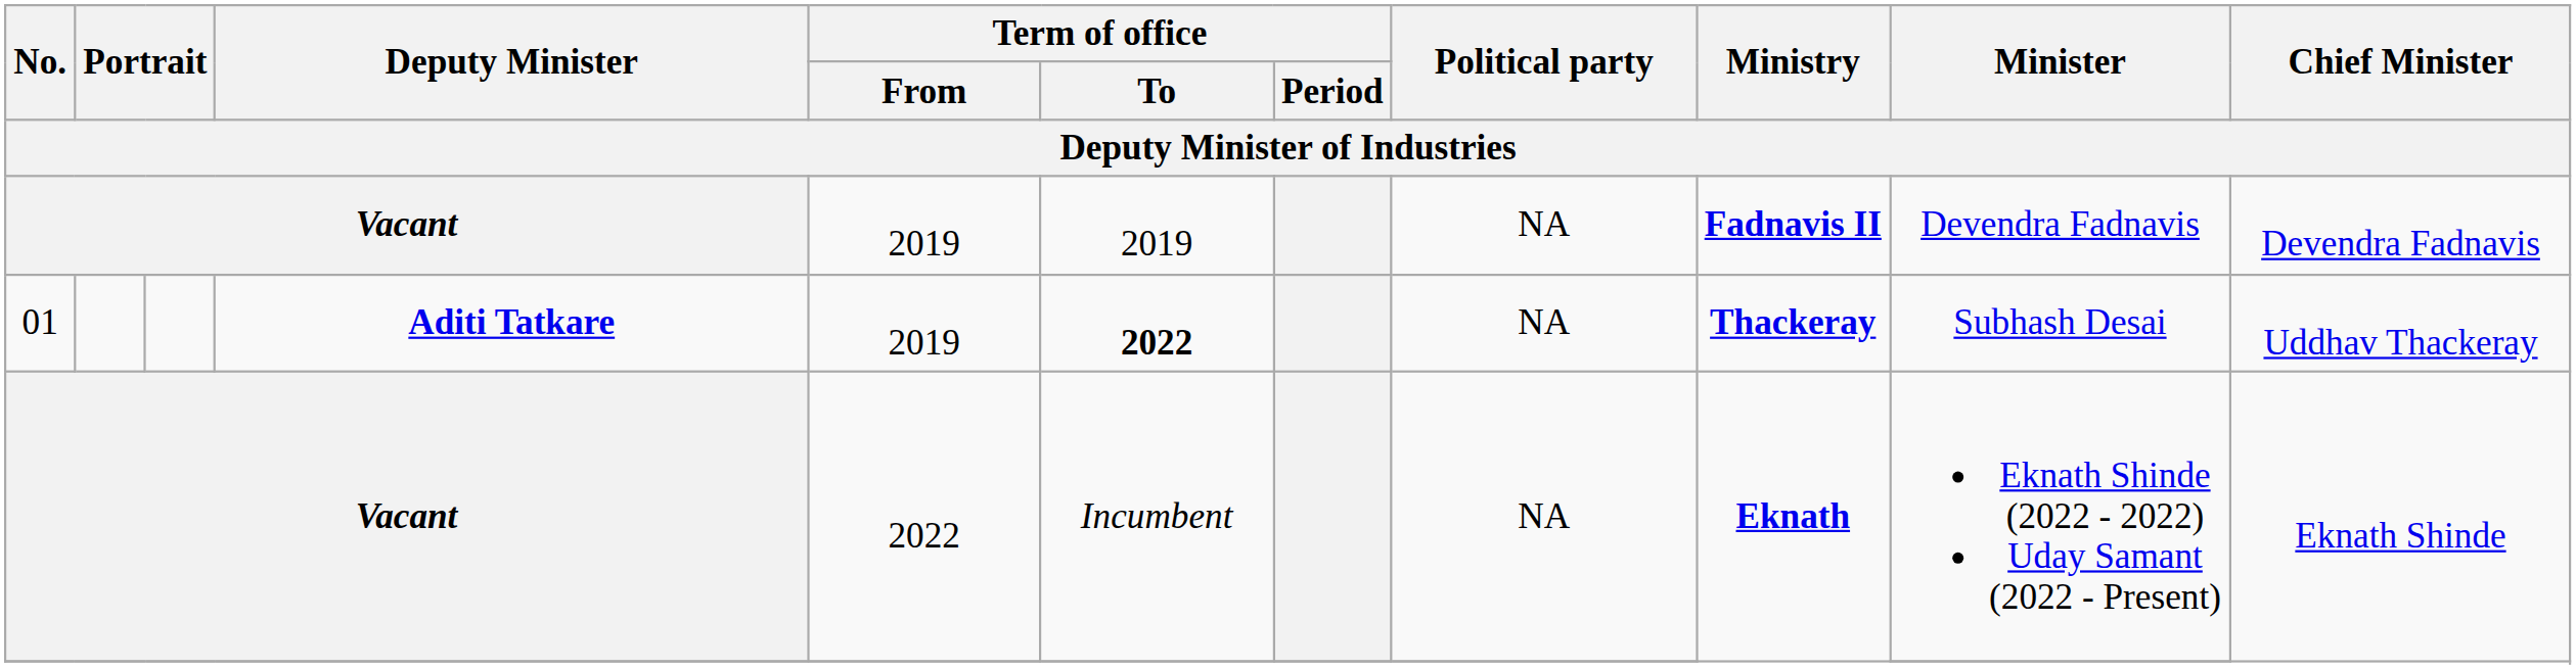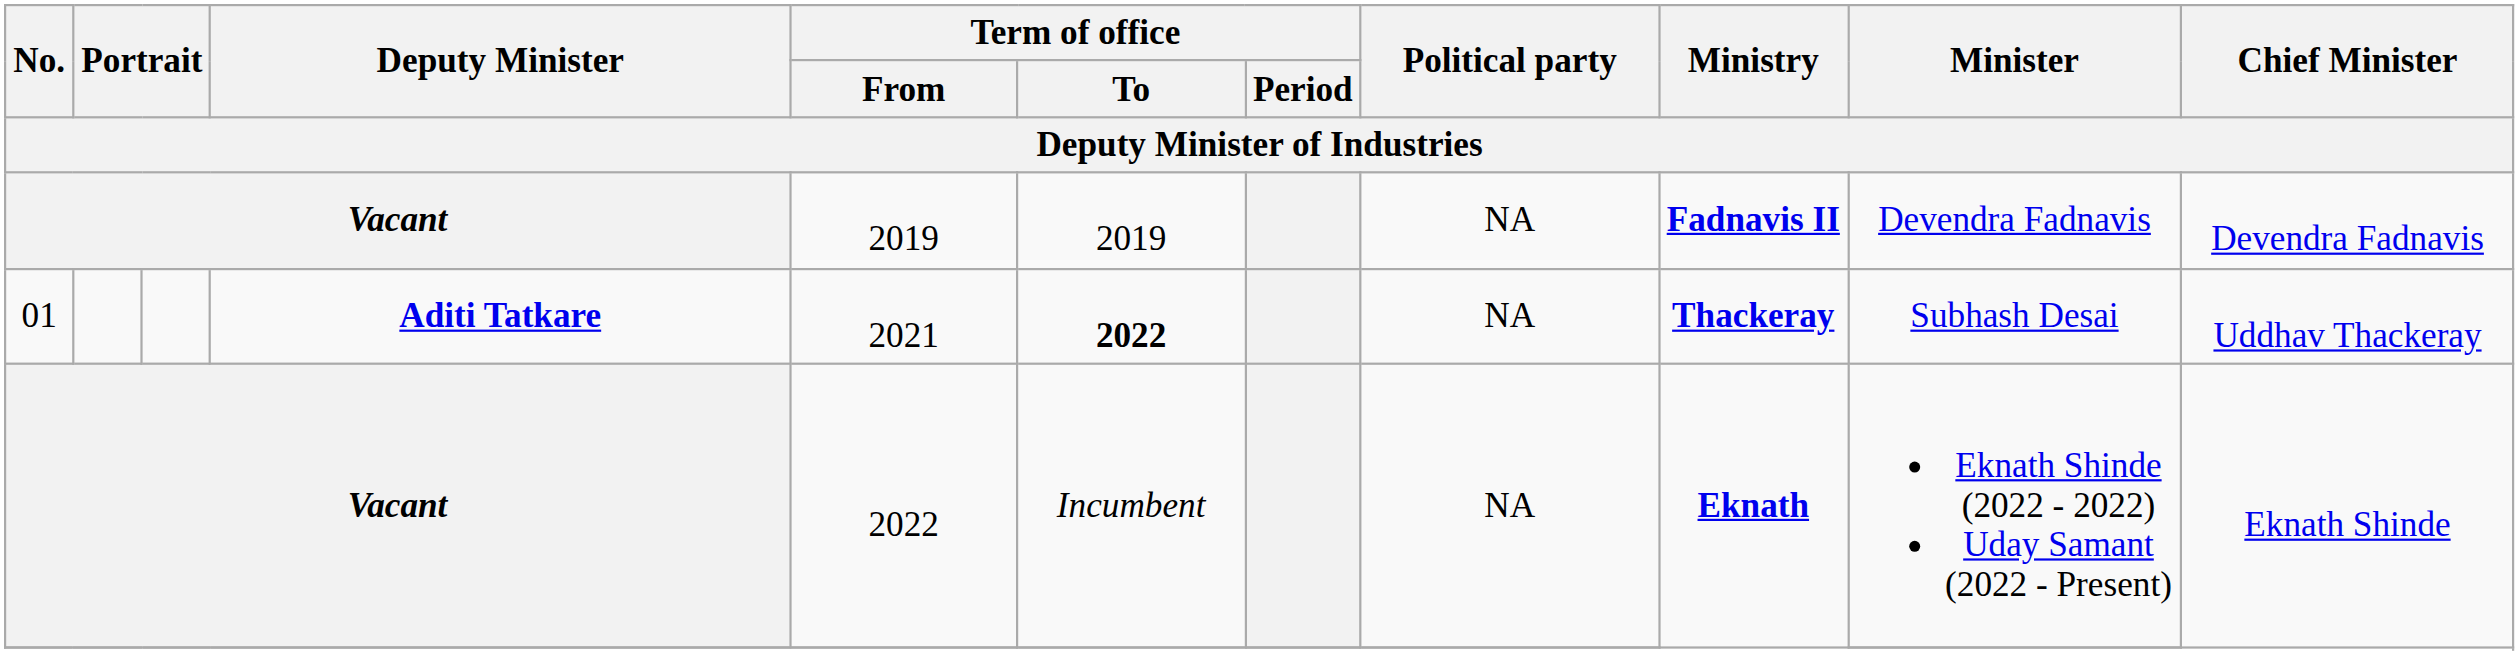 <table class="wikitable" style="text-align:center">
 <tr>
 <th rowspan="2">No.</th>
 <th rowspan="2" colspan="2">Portrait</th>
 <th rowspan="2" style="width:16em">Deputy Minister<br></th>
 <th colspan="3">Term of office</th>
 <th rowspan="2" style="width:8em">Political party</th>
 <th rowspan="2">Ministry</th>
 <th rowspan="2" style="width:9em">Minister</th>
 <th rowspan="2" style="width:9em">Chief Minister</th>
 </tr>
 <tr>
 <th style="width:6em">From</th>
 <th style="width:6em">To</th>
 <th>Period</th>
 </tr>
 <tr>
 <th colspan="11">Deputy Minister of Industries</th>
 </tr>
 <tr>
 <th colspan="04"><strong><em>Vacant</em></strong></th>
 <td><br>2019</td>
 <td><br>2019</td>
 <th></th>
 <td>NA</td>
 <td rowspan="1"><a href='#'><strong>Fadnavis II</strong></a></td>
 <td><a href='#'>Devendra Fadnavis</a></td>
 <td rowspan="1"> <br><a href='#'>Devendra Fadnavis</a></td>
 </tr>
 <tr>
 <td>01</td>
 <td style="color:inherit;background:"></td>
 <td></td>
 <td><strong><a href='#'>Aditi Tatkare</a></strong> <br> </td>
-<td><br>2019</td>
+<td><br>2021</td>
 <td><strong><br>2022</strong></td>
 <th></th>
 <td>NA</td>
 <td rowspan="1"><a href='#'><strong>Thackeray</strong></a></td>
 <td><a href='#'>Subhash Desai</a></td>
 <td rowspan="1"> <br><a href='#'>Uddhav Thackeray</a></td>
 </tr>
 <tr>
 <th colspan="04"><strong><em>Vacant </em></strong></th>
 <td><br>2022</td>
 <td><em>Incumbent</em></td>
 <th></th>
 <td>NA</td>
 <td rowspan="2"><a href='#'><strong>Eknath</strong></a></td>
 <td><br><ul><li><a href='#'>Eknath Shinde</a><br>(2022 - 2022)</li><li><a href='#'>Uday Samant</a><br> (2022 - Present)</li></ul></td>
 <td rowspan="2"> <br><a href='#'>Eknath Shinde</a></td>
 </tr>
 <tr>
 </tr>
 </table>
